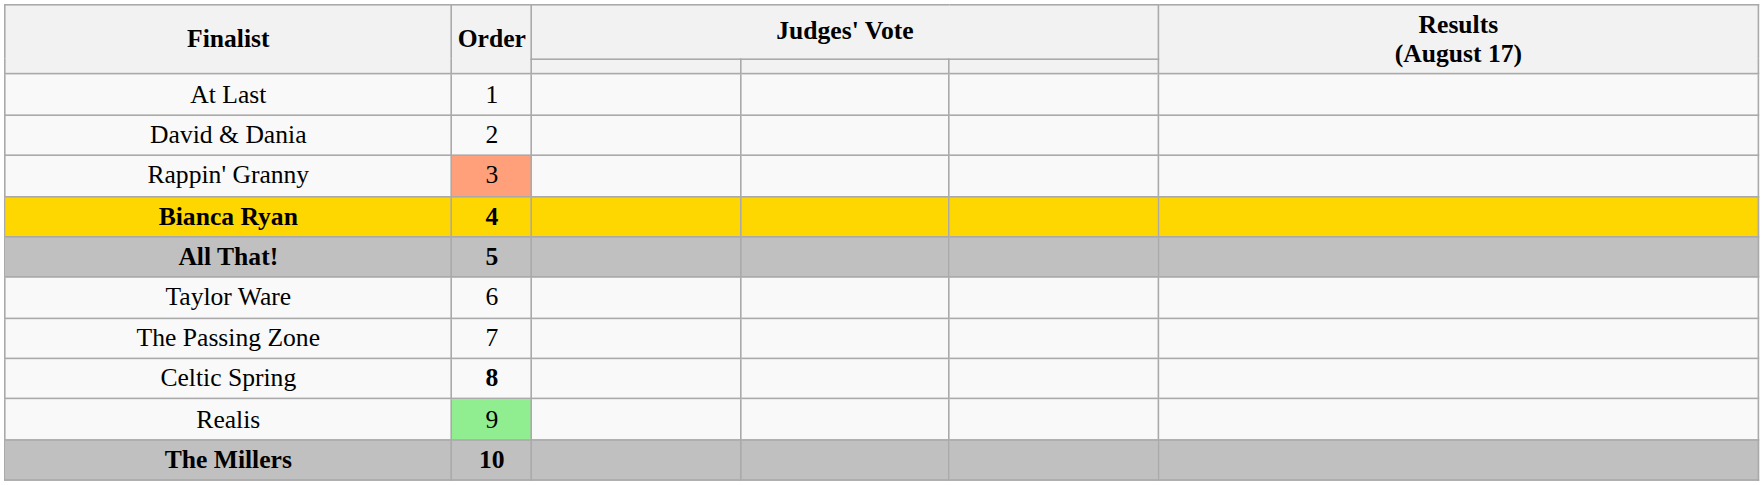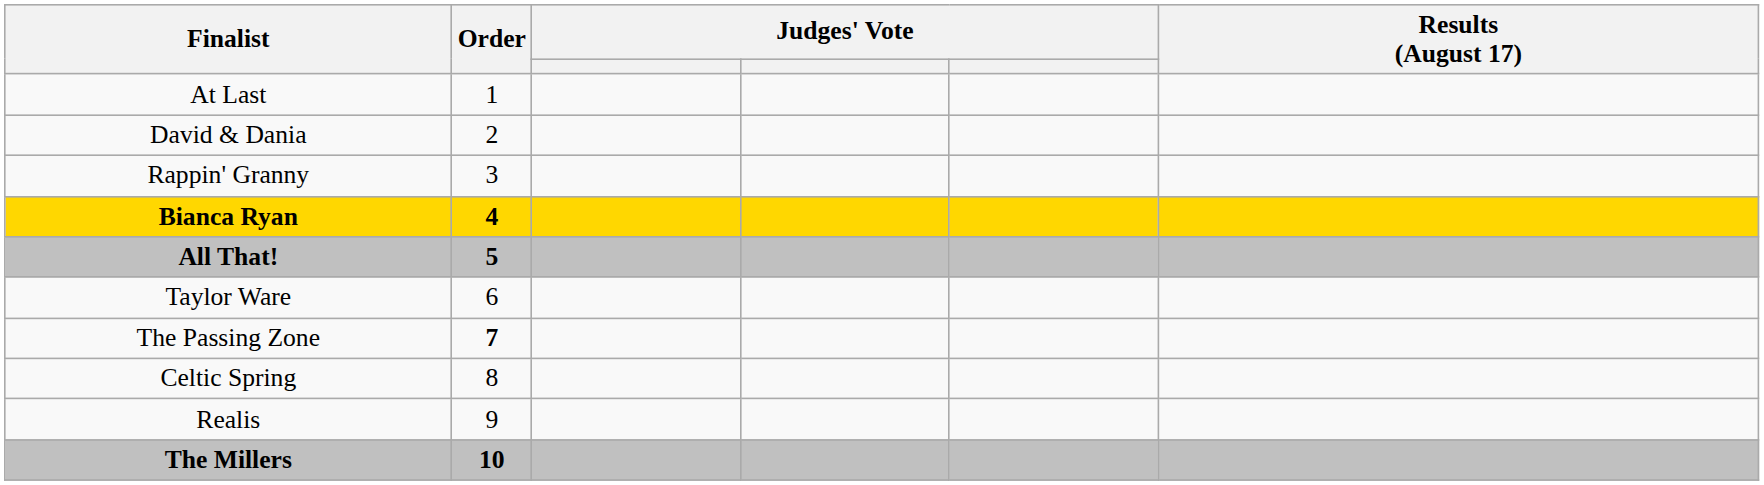 <table class="wikitable plainrowheaders sortable" style="text-align:center;">
 <tr>
 <th scope="col" rowspan="2" class="unsortable" style="width:17em;">Finalist</th>
 <th scope="col" rowspan="2" style="width:1em;">Order</th>
 <th scope="col" colspan="3" class="unsortable" style="width:24em;">Judges' Vote</th>
 <th scope="col" rowspan="2" style="width:23em;">Results <br> (August 17)</th>
 </tr>
 <tr>
 <th scope="col" class="unsortable" style="width:6em;"></th>
 <th scope="col" class="unsortable" style="width:6em;"></th>
 <th scope="col" class="unsortable" style="width:6em;"></th>
 </tr>
 <tr>
 <td>At Last</td>
 <td>1</td>
 <td style="text-align: center;"></td>
 <td style="text-align: center;"></td>
 <td style="text-align: center;"></td>
 <td></td>
 </tr>
 <tr>
 <td>David & Dania</td>
 <td>2</td>
 <td style="text-align:center;"></td>
 <td style="text-align:center;"></td>
 <td style="text-align:center;"></td>
 <td></td>
 </tr>
 <tr>
 <td>Rappin' Granny</td>
-<td style="background: lightsalmon;">3</td>
+<td>3</td>
 <td style="text-align:center;"></td>
 <td style="text-align:center;"></td>
 <td style="text-align:center;"></td>
 <td></td>
 </tr>
 <tr bgcolor=gold>
 <td><strong>Bianca Ryan</strong></td>
 <td><strong>4</strong></td>
 <td style="text-align:center;"></td>
 <td style="text-align:center;"></td>
 <td style="text-align:center;"></td>
 <td><strong></strong></td>
 </tr>
 <tr style="background:silver;">
 <td><strong>All That!</strong></td>
 <td><strong>5</strong></td>
 <td style="text-align:center;"></td>
 <td style="text-align:center;"></td>
 <td style="text-align:center;"></td>
 <td><strong></strong> </td>
 </tr>
 <tr>
 <td>Taylor Ware</td>
 <td>6</td>
 <td style="text-align:center;"></td>
 <td style="text-align:center;"></td>
 <td style="text-align:center;"></td>
 <td></td>
 </tr>
 <tr>
 <td>The Passing Zone</td>
-<td>7</td>
+<td><strong>7</strong></td>
 <td style="text-align:center;"></td>
 <td style="text-align:center;"></td>
 <td style="text-align:center;"></td>
 <td></td>
 </tr>
 <tr>
 <td>Celtic Spring</td>
-<td><strong>8</strong></td>
+<td>8</td>
 <td style="text-align:center;"></td>
 <td style="text-align:center;"></td>
 <td style="text-align:center;"></td>
 <td></td>
 </tr>
 <tr>
 <td>Realis</td>
-<td style="background: lightgreen;">9</td>
+<td>9</td>
 <td style="text-align:center;"></td>
 <td style="text-align:center;"></td>
 <td style="text-align:center;"></td>
 <td></td>
 </tr>
 <tr style="background:silver;">
 <td><strong>The Millers</strong></td>
 <td><strong>10</strong></td>
 <td style="text-align:center;"></td>
 <td style="text-align:center;"></td>
 <td style="text-align:center;"></td>
 <td><strong></strong> </td>
 </tr>
 </table>
